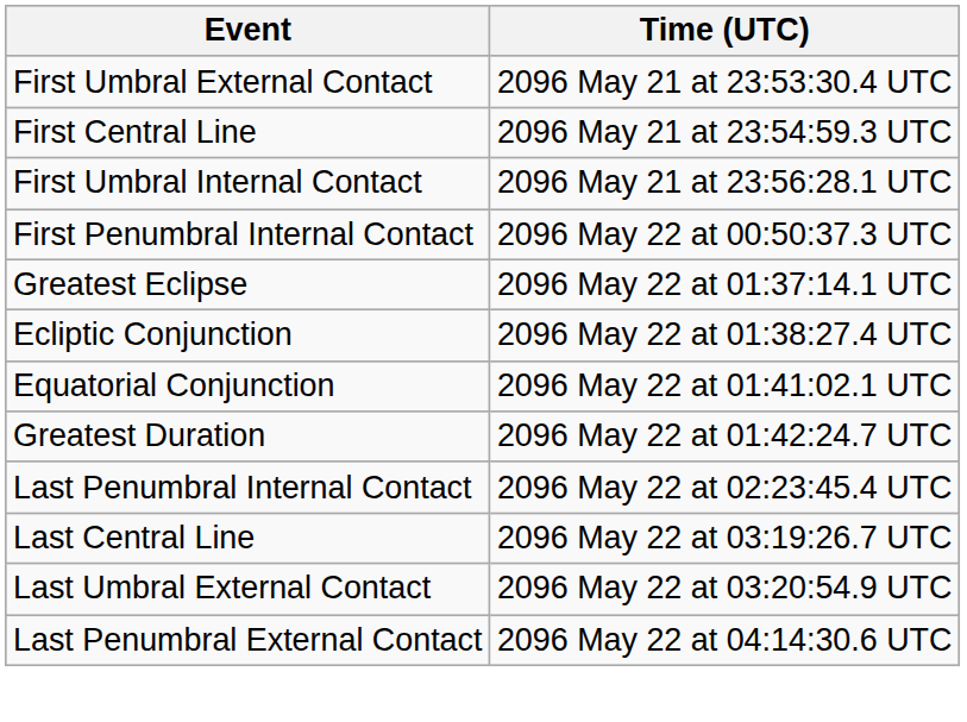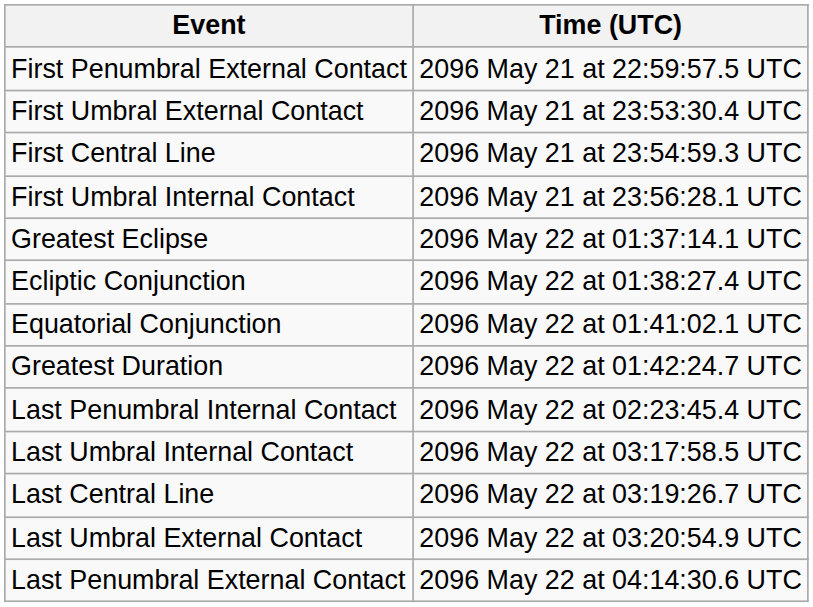 <table class="wikitable">
 <tr>
 <th>Event</th>
 <th>Time (UTC)</th>
+</tr>
+<tr>
+<td>First Penumbral External Contact</td>
+<td>2096 May 21 at 22:59:57.5 UTC</td>
 </tr>
 <tr>
 <td>First Umbral External Contact</td>
 <td>2096 May 21 at 23:53:30.4 UTC</td>
 </tr>
 <tr>
 <td>First Central Line</td>
 <td>2096 May 21 at 23:54:59.3 UTC</td>
 </tr>
 <tr>
 <td>First Umbral Internal Contact</td>
 <td>2096 May 21 at 23:56:28.1 UTC</td>
-</tr>
-<tr>
-<td>First Penumbral Internal Contact</td>
-<td>2096 May 22 at 00:50:37.3 UTC</td>
 </tr>
 <tr>
 <td>Greatest Eclipse</td>
 <td>2096 May 22 at 01:37:14.1 UTC</td>
 </tr>
 <tr>
 <td>Ecliptic Conjunction</td>
 <td>2096 May 22 at 01:38:27.4 UTC</td>
 </tr>
 <tr>
 <td>Equatorial Conjunction</td>
 <td>2096 May 22 at 01:41:02.1 UTC</td>
 </tr>
 <tr>
 <td>Greatest Duration</td>
 <td>2096 May 22 at 01:42:24.7 UTC</td>
 </tr>
 <tr>
 <td>Last Penumbral Internal Contact</td>
 <td>2096 May 22 at 02:23:45.4 UTC</td>
 </tr>
 <tr>
+<td>Last Umbral Internal Contact</td>
+<td>2096 May 22 at 03:17:58.5 UTC</td>
+</tr>
+<tr>
 <td>Last Central Line</td>
 <td>2096 May 22 at 03:19:26.7 UTC</td>
 </tr>
 <tr>
 <td>Last Umbral External Contact</td>
 <td>2096 May 22 at 03:20:54.9 UTC</td>
 </tr>
 <tr>
 <td>Last Penumbral External Contact</td>
 <td>2096 May 22 at 04:14:30.6 UTC</td>
 </tr>
 </table>
